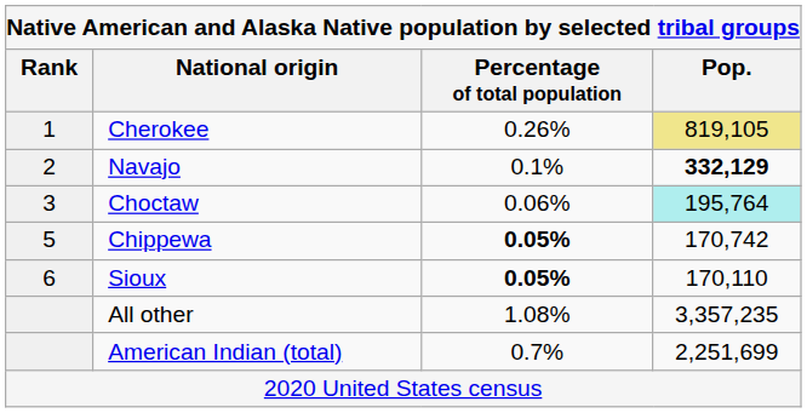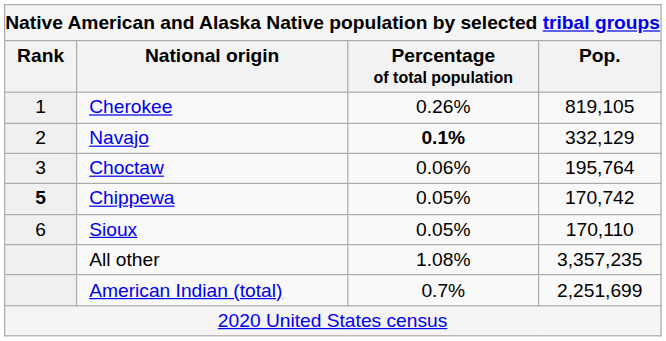 <table class="wikitable" style="text-align:center; margin-right:10px; font-size:100%">
 <tr>
 <th colspan="5" style="padding:0.3em 0; line-height:1.2em; background:#f5f5f5;">Native American and Alaska Native population by selected <a href='#'>tribal groups</a></th>
 </tr>
 <tr style="background:#f5f5f5;" valign="top">
 <th>Rank</th>
 <th>National origin</th>
 <th>Percentage<br><small>of total population</small></th>
 <th>Pop.</th>
 </tr>
 <tr valign="top">
 <td style="background:#f0f0f0; text-align: center;">1</td>
 <td style="text-align: left; padding-left: 10px;"><a href='#'>Cherokee</a></td>
 <td>0.26%</td>
-<td style="background: khaki;">819,105</td>
+<td>819,105</td>
 </tr>
 <tr valign="top">
 <td style="background:#f0f0f0; text-align: center;">2</td>
 <td style="text-align: left; padding-left: 10px;"><a href='#'>Navajo</a></td>
-<td>0.1%</td>
-<td><strong>332,129</strong></td>
+<td><strong>0.1%</strong></td>
+<td>332,129</td>
 </tr>
 <tr valign="top">
 <td style="background:#f0f0f0; text-align: center;">3</td>
 <td style="text-align: left; padding-left: 10px;"><a href='#'>Choctaw</a></td>
 <td>0.06%</td>
-<td style="background: paleturquoise;">195,764</td>
+<td>195,764</td>
 </tr>
 <tr valign="top">
-<td style="background:#f0f0f0; text-align: center;">5</td>
+<td style="background:#f0f0f0; text-align: center;"><strong>5</strong></td>
 <td style="text-align: left; padding-left: 10px;"><a href='#'>Chippewa</a></td>
-<td><strong>0.05%</strong></td>
+<td>0.05%</td>
 <td>170,742</td>
 </tr>
 <tr valign="top">
 <td style="background:#f0f0f0; text-align: center;">6</td>
 <td style="text-align: left; padding-left: 10px;"><a href='#'>Sioux</a></td>
-<td><strong>0.05%</strong></td>
+<td>0.05%</td>
 <td>170,110</td>
 </tr>
 <tr valign="top">
 <td style="background:#f0f0f0; text-align: center;"></td>
 <td style="text-align: left; padding-left: 10px;">All other</td>
 <td>1.08%</td>
 <td>3,357,235</td>
 </tr>
 <tr valign="top">
 <td style="background:#f0f0f0; text-align: center;"></td>
 <td style="text-align: left; padding-left: 10px;"><a href='#'>American Indian (total)</a></td>
 <td>0.7%</td>
 <td>2,251,699</td>
 </tr>
 <tr valign="top">
 <td colspan="4" style="background:#f5f5f5; text-align: center;"><a href='#'>2020 United States census</a></td>
 </tr>
 </table>
